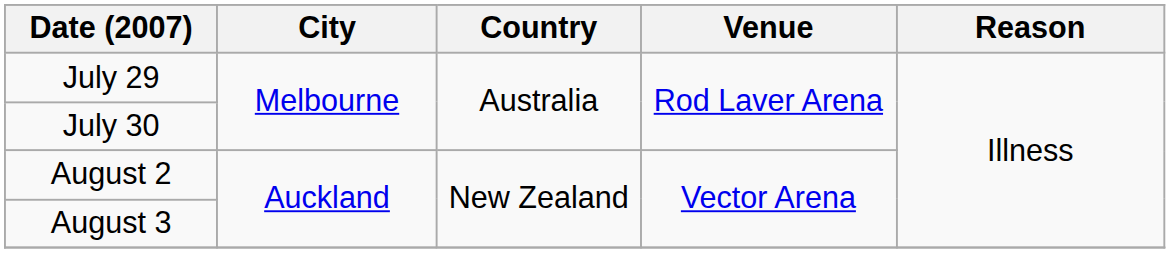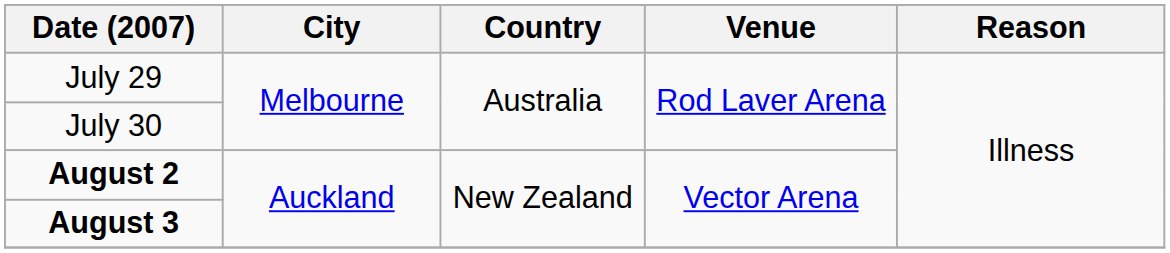 <table class="wikitable plainrowheaders" style="text-align:center;">
 <tr>
 <th scope="col" style="width:12em;">Date (2007)</th>
 <th scope="col" style="width:10em;">City</th>
 <th scope="col" style="width:10em;">Country</th>
 <th scope="col" style="width:16em;">Venue</th>
 <th scope="col" style="width:16em;">Reason</th>
 </tr>
 <tr>
 <td>July 29</td>
 <td rowspan="2"><a href='#'>Melbourne</a></td>
 <td rowspan="2">Australia</td>
 <td rowspan="2"><a href='#'>Rod Laver Arena</a></td>
 <td rowspan="4">Illness</td>
 </tr>
 <tr>
 <td>July 30</td>
 </tr>
 <tr>
-<td>August 2</td>
+<td><strong>August 2</strong></td>
 <td rowspan="2"><a href='#'>Auckland</a></td>
 <td rowspan="2">New Zealand</td>
 <td rowspan="2"><a href='#'>Vector Arena</a></td>
 </tr>
 <tr>
-<td>August 3</td>
+<td><strong>August 3</strong></td>
 </tr>
 <tr>
 </tr>
 </table>
